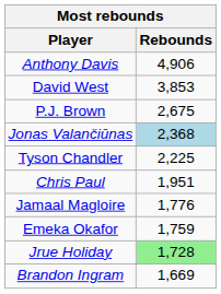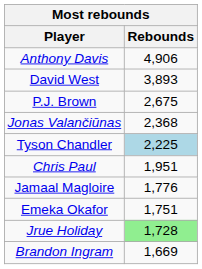 <table class="wikitable sortable" style="text-align:center">
 <tr>
 <th colspan="5">Most rebounds</th>
 </tr>
 <tr>
 <th>Player</th>
 <th>Rebounds</th>
 </tr>
 <tr>
 <td><em><a href='#'>Anthony Davis</a></em></td>
 <td>4,906</td>
 </tr>
 <tr>
 <td><a href='#'>David West</a></td>
-<td>3,853</td>
+<td>3,893</td>
 </tr>
 <tr>
 <td><a href='#'>P.J. Brown</a></td>
 <td>2,675</td>
 </tr>
 <tr>
 <td><em><a href='#'>Jonas Valančiūnas</a></em></td>
-<td style="background: lightblue;">2,368</td>
+<td>2,368</td>
 </tr>
 <tr>
 <td><a href='#'>Tyson Chandler</a></td>
-<td>2,225</td>
+<td style="background: lightblue;">2,225</td>
 </tr>
 <tr>
 <td><em><a href='#'>Chris Paul</a></em></td>
 <td>1,951</td>
 </tr>
 <tr>
 <td><a href='#'>Jamaal Magloire</a></td>
 <td>1,776</td>
 </tr>
 <tr>
 <td><a href='#'>Emeka Okafor</a></td>
-<td>1,759</td>
+<td>1,751</td>
 </tr>
 <tr>
 <td><em><a href='#'>Jrue Holiday</a></em></td>
 <td style="background: lightgreen;">1,728</td>
 </tr>
 <tr>
 <td><em><a href='#'>Brandon Ingram</a></em></td>
 <td>1,669</td>
 </tr>
 </table>
